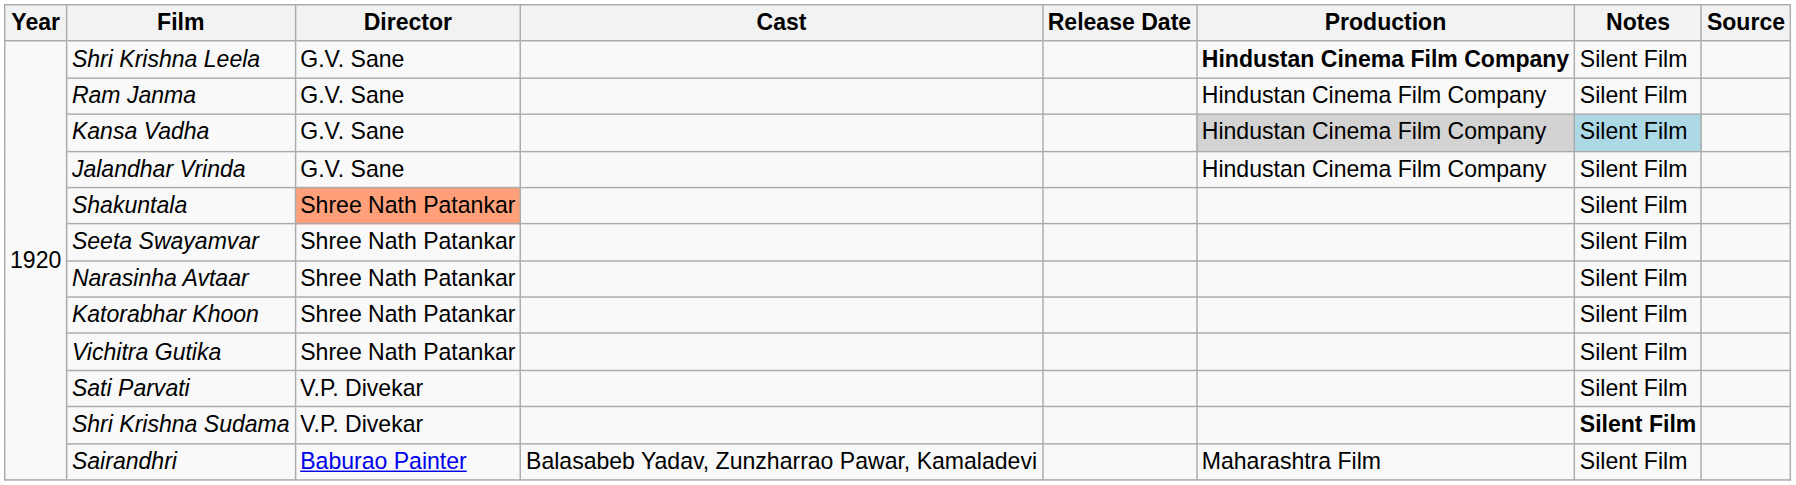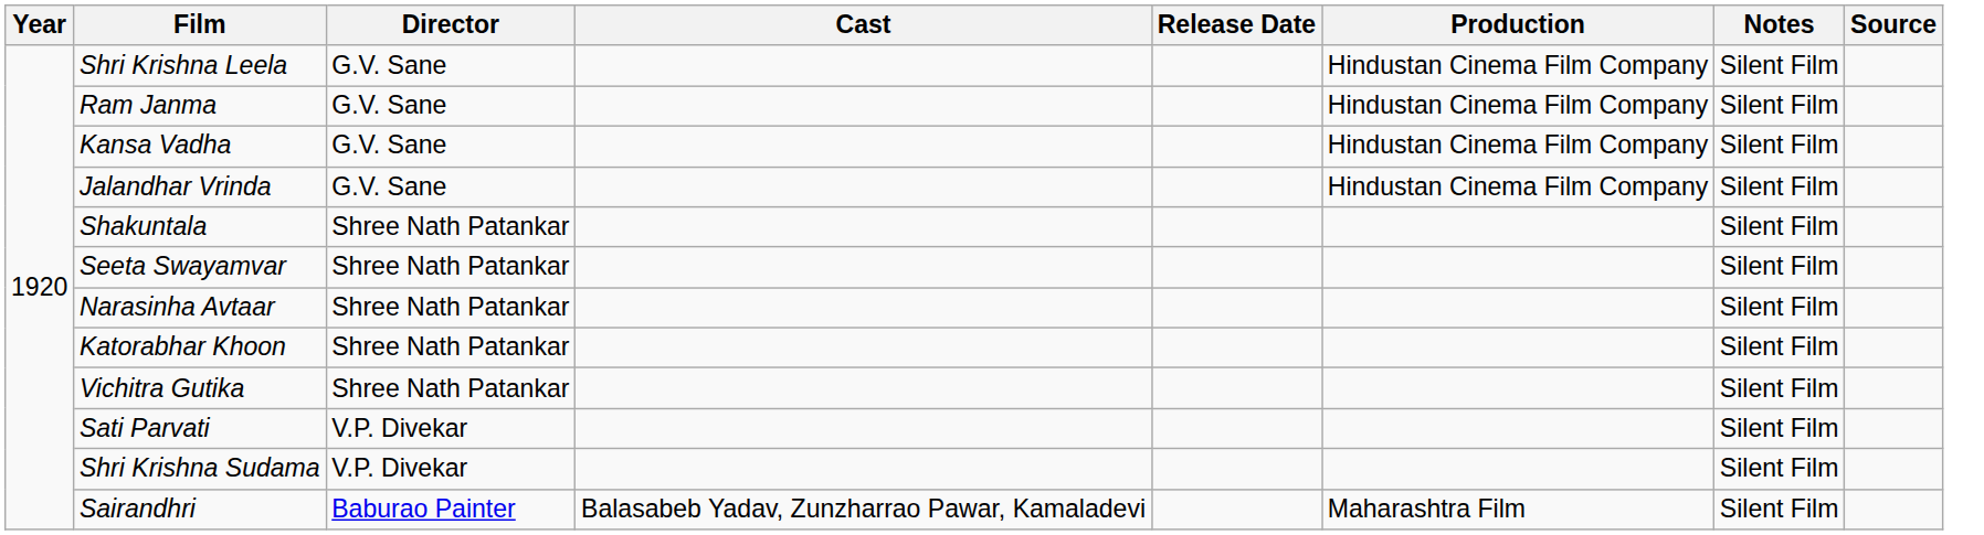 <table class ="wikitable sortable collapsible">
 <tr>
 <th>Year</th>
 <th>Film</th>
 <th>Director</th>
 <th class="unsortable">Cast</th>
 <th>Release Date</th>
 <th class="unsortable">Production</th>
 <th class="unsortable">Notes</th>
 <th class="unsortable">Source</th>
 </tr>
 <tr>
 <td rowspan=12 align="center">1920</td>
 <td><em>Shri Krishna Leela</em></td>
 <td>G.V. Sane</td>
 <td></td>
 <td></td>
-<td><strong>Hindustan Cinema Film Company</strong></td>
+<td>Hindustan Cinema Film Company</td>
 <td>Silent Film</td>
 <td></td>
 </tr>
 <tr>
 <td><em>Ram Janma</em></td>
 <td>G.V. Sane</td>
 <td></td>
 <td></td>
 <td>Hindustan Cinema Film Company</td>
 <td>Silent Film</td>
 <td></td>
 </tr>
 <tr>
 <td><em>Kansa Vadha</em></td>
 <td>G.V. Sane</td>
 <td></td>
 <td></td>
-<td style="background: lightgrey;">Hindustan Cinema Film Company</td>
-<td style="background: lightblue;">Silent Film</td>
+<td>Hindustan Cinema Film Company</td>
+<td>Silent Film</td>
 <td></td>
 </tr>
 <tr>
 <td><em>Jalandhar Vrinda</em></td>
 <td>G.V. Sane</td>
 <td></td>
 <td></td>
 <td>Hindustan Cinema Film Company</td>
 <td>Silent Film</td>
 <td></td>
 </tr>
 <tr>
 <td><em>Shakuntala </em></td>
-<td style="background: lightsalmon;">Shree Nath Patankar</td>
+<td>Shree Nath Patankar</td>
 <td></td>
 <td></td>
 <td></td>
 <td>Silent Film</td>
 <td></td>
 </tr>
 <tr>
 <td><em>Seeta Swayamvar</em></td>
 <td>Shree Nath Patankar</td>
 <td></td>
 <td></td>
 <td></td>
 <td>Silent Film</td>
 <td></td>
 </tr>
 <tr>
 <td><em>Narasinha Avtaar</em></td>
 <td>Shree Nath Patankar</td>
 <td></td>
 <td></td>
 <td></td>
 <td>Silent Film</td>
 <td></td>
 </tr>
 <tr>
 <td><em>Katorabhar Khoon</em></td>
 <td>Shree Nath Patankar</td>
 <td></td>
 <td></td>
 <td></td>
 <td>Silent Film</td>
 <td></td>
 </tr>
 <tr>
 <td><em>Vichitra Gutika</em></td>
 <td>Shree Nath Patankar</td>
 <td></td>
 <td></td>
 <td></td>
 <td>Silent Film</td>
 <td></td>
 </tr>
 <tr>
 <td><em>Sati Parvati</em></td>
 <td>V.P. Divekar</td>
 <td></td>
 <td></td>
 <td></td>
 <td>Silent Film</td>
 <td></td>
 </tr>
 <tr>
 <td><em>Shri Krishna Sudama</em></td>
 <td>V.P. Divekar</td>
 <td></td>
 <td></td>
 <td></td>
-<td><strong>Silent Film</strong></td>
+<td>Silent Film</td>
 <td></td>
 </tr>
 <tr>
 <td><em>Sairandhri</em></td>
 <td><a href='#'>Baburao Painter</a></td>
 <td>Balasabeb Yadav, Zunzharrao Pawar, Kamaladevi</td>
 <td></td>
 <td>Maharashtra Film</td>
 <td>Silent Film</td>
 <td></td>
 </tr>
 </table>
